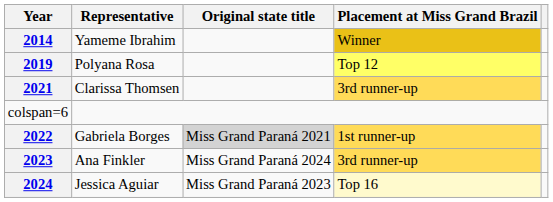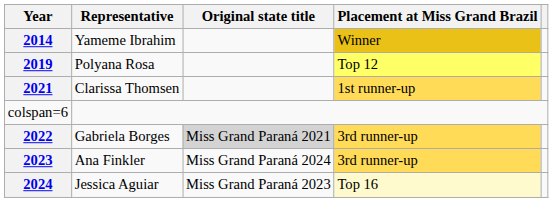 <table class="wikitable defaultcenter col2left" style="font-size:95%;">
 <tr>
 <th>Year</th>
 <th>Representative</th>
 <th>Original state title</th>
 <th>Placement at Miss Grand Brazil</th>
 <th></th>
 </tr>
 <tr>
 <th><a href='#'>2014</a></th>
 <td>Yameme Ibrahim</td>
 <td></td>
 <td bgcolor="#EAC117">Winner</td>
 <td></td>
 </tr>
 <tr>
 <th><a href='#'>2019</a></th>
 <td>Polyana Rosa</td>
 <td></td>
 <td bgcolor=#FFFF66>Top 12</td>
 <td></td>
 </tr>
 <tr>
 <th><a href='#'>2021</a></th>
 <td>Clarissa Thomsen</td>
 <td></td>
-<td bgcolor=#FFDB58>3rd runner-up</td>
+<td bgcolor=#FFDB58>1st runner-up</td>
 <td></td>
 </tr>
 <tr>
 <td>colspan=6 </td>
 </tr>
 <tr>
 <th><a href='#'>2022</a></th>
 <td>Gabriela Borges</td>
 <td style="background: lightgrey;">Miss Grand Paraná 2021</td>
-<td bgcolor=#FFDB58>1st runner-up</td>
+<td bgcolor=#FFDB58>3rd runner-up</td>
 <td></td>
 </tr>
 <tr>
 <th><a href='#'>2023</a></th>
 <td>Ana Finkler</td>
 <td>Miss Grand Paraná 2024</td>
 <td bgcolor=#FFDB58>3rd runner-up</td>
 <td></td>
 </tr>
 <tr>
 <th><a href='#'>2024</a></th>
 <td>Jessica Aguiar</td>
 <td>Miss Grand Paraná 2023</td>
 <td bgcolor=#FFFACD>Top 16</td>
 <td></td>
 </tr>
 </table>
